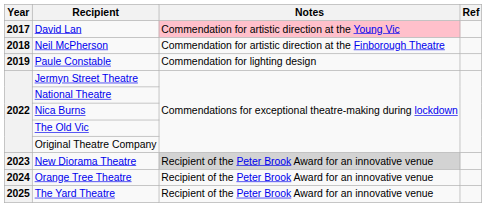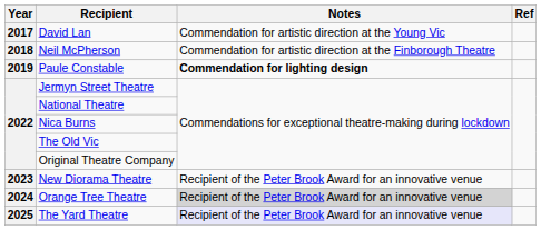 <table class="wikitable">
 <tr>
 <th>Year</th>
 <th>Recipient</th>
 <th>Notes</th>
 <th>Ref</th>
 </tr>
 <tr>
 <th>2017</th>
 <td><a href='#'>David Lan</a></td>
-<td style="background: pink;">Commendation for artistic direction at the <a href='#'>Young Vic</a></td>
+<td>Commendation for artistic direction at the <a href='#'>Young Vic</a></td>
 <td></td>
 </tr>
 <tr>
 <th>2018</th>
 <td><a href='#'>Neil McPherson</a></td>
 <td>Commendation for artistic direction at the <a href='#'>Finborough Theatre</a></td>
 <td></td>
 </tr>
 <tr>
 <th>2019</th>
 <td><a href='#'>Paule Constable</a></td>
-<td>Commendation for lighting design</td>
+<td><strong>Commendation for lighting design</strong></td>
 <td></td>
 </tr>
 <tr>
 <th rowspan="5">2022</th>
 <td><a href='#'>Jermyn Street Theatre</a></td>
 <td rowspan="5">Commendations for exceptional theatre-making during <a href='#'>lockdown</a></td>
 <td rowspan="5"></td>
 </tr>
 <tr>
 <td><a href='#'>National Theatre</a></td>
 </tr>
 <tr>
 <td><a href='#'>Nica Burns</a></td>
 </tr>
 <tr>
 <td><a href='#'>The Old Vic</a></td>
 </tr>
 <tr>
 <td>Original Theatre Company</td>
 </tr>
 <tr>
 <th>2023</th>
 <td><a href='#'>New Diorama Theatre</a></td>
-<td style="background: lightgrey;">Recipient of the <a href='#'>Peter Brook</a> Award for an innovative venue</td>
+<td>Recipient of the <a href='#'>Peter Brook</a> Award for an innovative venue</td>
 <td></td>
 </tr>
 <tr>
 <th>2024</th>
 <td><a href='#'>Orange Tree Theatre</a></td>
-<td>Recipient of the <a href='#'>Peter Brook</a> Award for an innovative venue</td>
+<td style="background: lightgrey;">Recipient of the <a href='#'>Peter Brook</a> Award for an innovative venue</td>
 <td></td>
 </tr>
 <tr>
 <th>2025</th>
 <td><a href='#'>The Yard Theatre</a></td>
-<td>Recipient of the <a href='#'>Peter Brook</a> Award for an innovative venue</td>
+<td style="background: lavender;">Recipient of the <a href='#'>Peter Brook</a> Award for an innovative venue</td>
 <td></td>
 </tr>
 </table>
